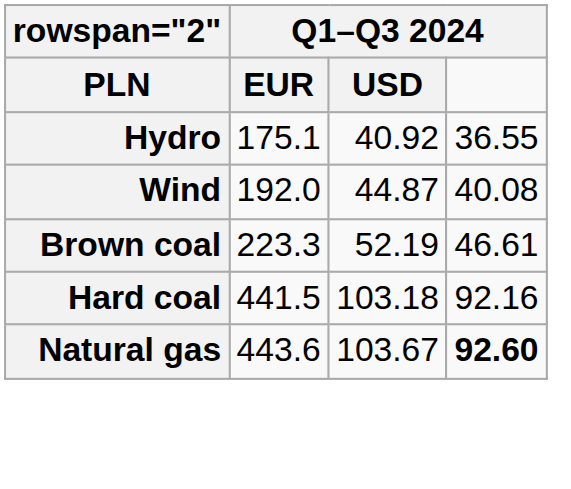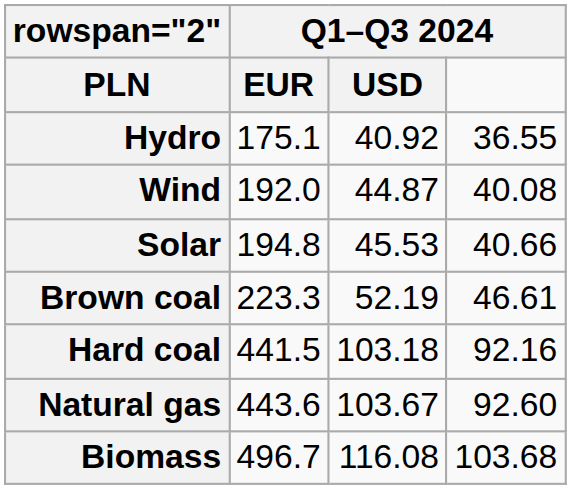 <table class="wikitable static-row-numbers sticky-header hover-highlight" style="text-align: right;">
 <tr>
 <th>rowspan="2" </th>
 <th colspan="3">Q1–Q3 2024</th>
 </tr>
 <tr class="static-row-header">
 <th>PLN</th>
 <th>EUR</th>
 <th>USD</th>
 </tr>
 <tr>
 <th style="text-align: right;">Hydro</th>
 <td>175.1</td>
 <td>40.92</td>
 <td>36.55</td>
 </tr>
 <tr>
 <th style="text-align: right;">Wind</th>
 <td>192.0</td>
 <td>44.87</td>
 <td>40.08</td>
 </tr>
 <tr>
+<th style="text-align: right;">Solar</th>
+<td>194.8</td>
+<td>45.53</td>
+<td>40.66</td>
+</tr>
+<tr>
 <th style="text-align: right;">Brown coal</th>
 <td>223.3</td>
 <td>52.19</td>
 <td>46.61</td>
 </tr>
 <tr>
 <th style="text-align: right;">Hard coal</th>
 <td>441.5</td>
 <td>103.18</td>
 <td>92.16</td>
 </tr>
 <tr>
 <th style="text-align: right;">Natural gas</th>
 <td>443.6</td>
 <td>103.67</td>
-<td><strong>92.60</strong></td>
+<td>92.60</td>
+</tr>
+<tr>
+<th style="text-align: right;">Biomass</th>
+<td>496.7</td>
+<td>116.08</td>
+<td>103.68</td>
 </tr>
 </table>
